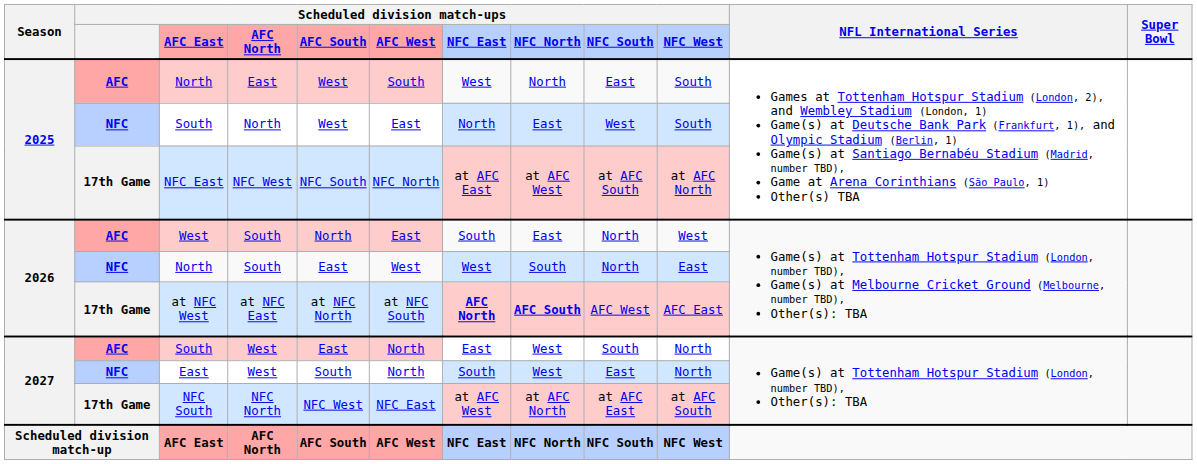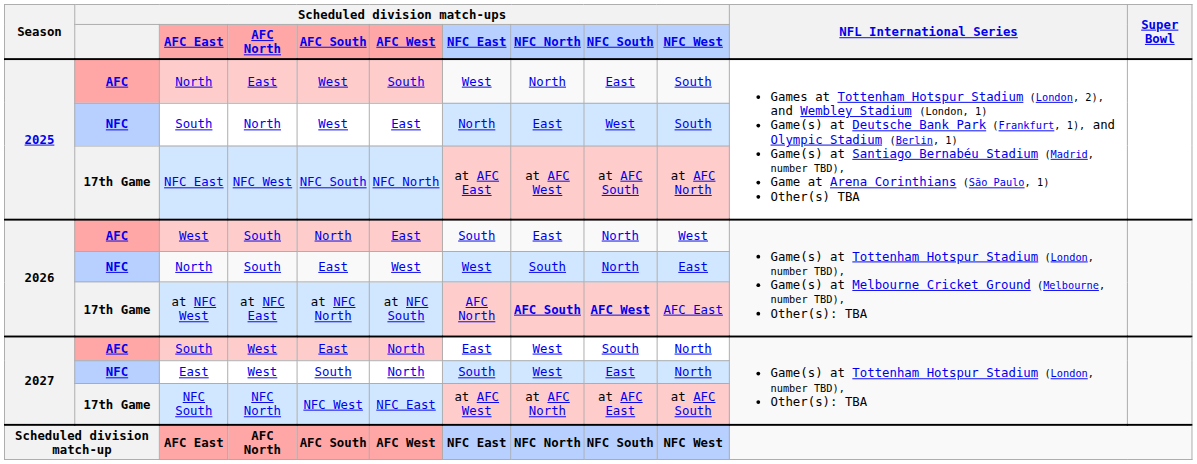 <table class="wikitable">
 <tr>
 <th rowspan="2">Season</th>
 <th colspan="9">Scheduled division match-ups</th>
 <th rowspan="2"><a href='#'>NFL International Series</a></th>
 <th rowspan="2"><a href='#'>Super Bowl</a></th>
 </tr>
 <tr>
 <th></th>
 <th style="background:#FFA7A7;"><a href='#'>AFC East</a></th>
 <th style="background:#FFA7A7;"><a href='#'>AFC North</a></th>
 <th style="background:#FFA7A7;"><a href='#'>AFC South</a></th>
 <th style="background:#FFA7A7;"><a href='#'>AFC West</a></th>
 <th style="background:#B7D0FF;"><a href='#'>NFC East</a></th>
 <th style="background:#B7D0FF;"><a href='#'>NFC North</a></th>
 <th style="background:#B7D0FF;"><a href='#'>NFC South</a></th>
 <th style="background:#B7D0FF;"><a href='#'>NFC West</a></th>
 </tr>
 <tr style="border-top:2px solid black">
 <th rowspan="3"><a href='#'>2025</a></th>
 <td bgcolor="FFA7A7" align="center"><strong><a href='#'>AFC</a></strong></td>
 <td bgcolor="ffcccc" align="center"><a href='#'>North</a></td>
 <td bgcolor="ffcccc" align="center"><a href='#'>East</a></td>
 <td bgcolor="ffcccc" align="center"><a href='#'>West</a></td>
 <td bgcolor="ffcccc" align="center"><a href='#'>South</a></td>
 <td bgcolor="f9f9f9" align="center"><a href='#'>West</a></td>
 <td bgcolor="f9f9f9" align="center"><a href='#'>North</a></td>
 <td bgcolor="f9f9f9" align="center"><a href='#'>East</a></td>
 <td bgcolor="f9f9f9" align="center"><a href='#'>South</a></td>
 <td rowspan=3 bgcolor="#ffffff"><br><ul><li>Games at <a href='#'>Tottenham Hotspur Stadium</a><small> (<a href='#'>London</a>, 2),</small> and <a href='#'>Wembley Stadium</a> <small>(London, 1)</small></li><li>Game(s) at <a href='#'>Deutsche Bank Park</a><small> (<a href='#'>Frankfurt</a>, 1),</small> and <a href='#'>Olympic Stadium</a> <small> (<a href='#'>Berlin</a>, 1)</small></li><li>Game(s) at <a href='#'>Santiago Bernabéu Stadium</a><small> (<a href='#'>Madrid</a>, number TBD),</small></li><li>Game at <a href='#'>Arena Corinthians</a><small> (<a href='#'>São Paulo</a>, 1)</small></li><li>Other(s) TBA</li></ul></td>
 <td rowspan=3 align=center bgcolor="#ffffff"></td>
 </tr>
 <tr>
 <td bgcolor="B7D0FF" align="center"><strong><a href='#'>NFC</a></strong></td>
 <td bgcolor="ffffff" align="center"><a href='#'>South</a></td>
 <td bgcolor="ffffff" align="center"><a href='#'>North</a></td>
 <td bgcolor="ffffff" align="center"><a href='#'>West</a></td>
 <td bgcolor="ffffff" align="center"><a href='#'>East</a></td>
 <td bgcolor="d0e7ff" align="center"><a href='#'>North</a></td>
 <td bgcolor="d0e7ff" align="center"><a href='#'>East</a></td>
 <td bgcolor="d0e7ff" align="center"><a href='#'>West</a></td>
 <td bgcolor="d0e7ff" align="center"><a href='#'>South</a></td>
 </tr>
 <tr>
 <th>17th Game</th>
 <td bgcolor="d0e7ff" align="center"><a href='#'>NFC East</a></td>
 <td bgcolor="d0e7ff" align="center"><a href='#'>NFC West</a></td>
 <td bgcolor="d0e7ff" align="center"><a href='#'>NFC South</a></td>
 <td bgcolor="d0e7ff" align="center"><a href='#'>NFC North</a></td>
 <td bgcolor="ffcccc" align="center">at <a href='#'>AFC East</a></td>
 <td bgcolor="ffcccc" align="center">at <a href='#'>AFC West</a></td>
 <td bgcolor="ffcccc" align="center">at <a href='#'>AFC South</a></td>
 <td bgcolor="ffcccc" align="center">at <a href='#'>AFC North</a></td>
 </tr>
 <tr style="border-top:2px solid black">
 <th rowspan="3">2026</th>
 <td bgcolor="FFA7A7" align="center"><strong><a href='#'>AFC</a></strong></td>
 <td bgcolor="ffcccc" align="center"><a href='#'>West</a></td>
 <td bgcolor="ffcccc" align="center"><a href='#'>South</a></td>
 <td bgcolor="ffcccc" align="center"><a href='#'>North</a></td>
 <td bgcolor="ffcccc" align="center"><a href='#'>East</a></td>
 <td bgcolor="f9f9f9" align="center"><a href='#'>South</a></td>
 <td bgcolor="f9f9f9" align="center"><a href='#'>East</a></td>
 <td bgcolor="f9f9f9" align="center"><a href='#'>North</a></td>
 <td bgcolor="f9f9f9" align="center"><a href='#'>West</a></td>
 <td rowspan=3 bgcolor="#f9f9f9"><br><ul><li>Game(s) at <a href='#'>Tottenham Hotspur Stadium</a><small> (<a href='#'>London</a>, number TBD),</small></li><li>Game(s) at <a href='#'>Melbourne Cricket Ground</a><small> (<a href='#'>Melbourne</a>, number TBD),</small></li><li>Other(s): TBA</li></ul></td>
 <td rowspan=3 align=center bgcolor="#f9f9f9"></td>
 </tr>
 <tr>
 <td bgcolor="B7D0FF" align="center"><strong><a href='#'>NFC</a></strong></td>
 <td bgcolor="f9f9f9" align="center"><a href='#'>North</a></td>
 <td bgcolor="f9f9f9" align="center"><a href='#'>South</a></td>
 <td bgcolor="f9f9f9" align="center"><a href='#'>East</a></td>
 <td bgcolor="f9f9f9" align="center"><a href='#'>West</a></td>
 <td bgcolor="d0e7ff" align="center"><a href='#'>West</a></td>
 <td bgcolor="d0e7ff" align="center"><a href='#'>South</a></td>
 <td bgcolor="d0e7ff" align="center"><a href='#'>North</a></td>
 <td bgcolor="d0e7ff" align="center"><a href='#'>East</a></td>
 </tr>
 <tr>
 <th>17th Game</th>
 <td bgcolor="d0e7ff" align="center">at <a href='#'>NFC West</a></td>
 <td bgcolor="d0e7ff" align="center">at <a href='#'>NFC East</a></td>
 <td bgcolor="d0e7ff" align="center">at <a href='#'>NFC North</a></td>
 <td bgcolor="d0e7ff" align="center">at <a href='#'>NFC South</a></td>
-<td bgcolor="ffcccc" align="center"><strong><a href='#'>AFC North</a></strong></td>
+<td bgcolor="ffcccc" align="center"><a href='#'>AFC North</a></td>
 <td bgcolor="ffcccc" align="center"><strong><a href='#'>AFC South</a></strong></td>
-<td bgcolor="ffcccc" align="center"><a href='#'>AFC West</a></td>
+<td bgcolor="ffcccc" align="center"><strong><a href='#'>AFC West</a></strong></td>
 <td bgcolor="ffcccc" align="center"><a href='#'>AFC East</a></td>
 </tr>
 <tr style="border-top:2px solid black">
 <th rowspan="3">2027</th>
 <td bgcolor="FFA7A7" align="center"><strong><a href='#'>AFC</a></strong></td>
 <td bgcolor="ffcccc" align="center"><a href='#'>South</a></td>
 <td bgcolor="ffcccc" align="center"><a href='#'>West</a></td>
 <td bgcolor="ffcccc" align="center"><a href='#'>East</a></td>
 <td bgcolor="ffcccc" align="center"><a href='#'>North</a></td>
 <td bgcolor="ffffff" align="center"><a href='#'>East</a></td>
 <td bgcolor="ffffff" align="center"><a href='#'>West</a></td>
 <td bgcolor="ffffff" align="center"><a href='#'>South</a></td>
 <td bgcolor="ffffff" align="center"><a href='#'>North</a></td>
 <td rowspan=3 bgcolor="#f9f9f9"><br><ul><li>Game(s) at <a href='#'>Tottenham Hotspur Stadium</a><small> (<a href='#'>London</a>, number TBD),</small></li><li>Other(s): TBA</li></ul></td>
 <td rowspan=3 align=center bgcolor="#f9f9f9"></td>
 </tr>
 <tr>
 <td bgcolor="B7D0FF" align="center"><strong><a href='#'>NFC</a></strong></td>
 <td bgcolor="ffffff" align="center"><a href='#'>East</a></td>
 <td bgcolor="ffffff" align="center"><a href='#'>West</a></td>
 <td bgcolor="ffffff" align="center"><a href='#'>South</a></td>
 <td bgcolor="ffffff" align="center"><a href='#'>North</a></td>
 <td bgcolor="d0e7ff" align="center"><a href='#'>South</a></td>
 <td bgcolor="d0e7ff" align="center"><a href='#'>West</a></td>
 <td bgcolor="d0e7ff" align="center"><a href='#'>East</a></td>
 <td bgcolor="d0e7ff" align="center"><a href='#'>North</a></td>
 </tr>
 <tr>
 <th>17th Game</th>
 <td bgcolor="d0e7ff" align="center"><a href='#'>NFC South</a></td>
 <td bgcolor="d0e7ff" align="center"><a href='#'>NFC North</a></td>
 <td bgcolor="d0e7ff" align="center"><a href='#'>NFC West</a></td>
 <td bgcolor="d0e7ff" align="center"><a href='#'>NFC East</a></td>
 <td bgcolor="ffcccc" align="center">at <a href='#'>AFC West</a></td>
 <td bgcolor="ffcccc" align="center">at <a href='#'>AFC North</a></td>
 <td bgcolor="ffcccc" align="center">at <a href='#'>AFC East</a></td>
 <td bgcolor="ffcccc" align="center">at <a href='#'>AFC South</a></td>
 </tr>
 <tr style="border-top:2px solid black">
 <th colspan="2">Scheduled division match-up</th>
 <th style="background:#FFA7A7;">AFC East</th>
 <th style="background:#FFA7A7;">AFC North</th>
 <th style="background:#FFA7A7;">AFC South</th>
 <th style="background:#FFA7A7;">AFC West</th>
 <th style="background:#B7D0FF;">NFC East</th>
 <th style="background:#B7D0FF;">NFC North</th>
 <th style="background:#B7D0FF;">NFC South</th>
 <th style="background:#B7D0FF;">NFC West</th>
 </tr>
 </table>
